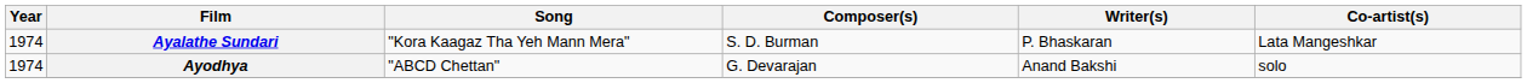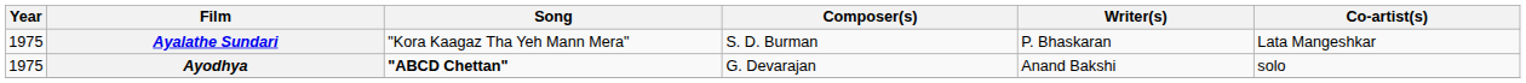 <table class="wikitable plainrowheaders" width="100%" textcolor:#000;">
 <tr style="background:#b0e0e66;">
 <th><strong>Year</strong></th>
 <th scope="col" width=23%><strong>Film</strong></th>
 <th scope="col" width=23%><strong>Song</strong></th>
 <th scope="col" width=20%><strong>Composer(s)</strong></th>
 <th scope="col" width=16%><strong>Writer(s)</strong></th>
 <th scope="col" width=18%><strong>Co-artist(s)</strong></th>
 </tr>
 <tr>
-<td rowspan=>1974</td>
+<td rowspan=>1975</td>
 <th><em><a href='#'>Ayalathe Sundari</a></em></th>
 <td>"Kora Kaagaz Tha Yeh Mann Mera"</td>
 <td>S. D. Burman</td>
 <td>P. Bhaskaran</td>
 <td>Lata Mangeshkar</td>
 </tr>
 <tr>
-<td>1974</td>
+<td>1975</td>
 <th><em>Ayodhya</em></th>
-<td>"ABCD Chettan"</td>
+<td><strong>"ABCD Chettan"</strong></td>
 <td>G. Devarajan</td>
 <td>Anand Bakshi</td>
 <td>solo</td>
 </tr>
 <tr>
 </tr>
 </table>
